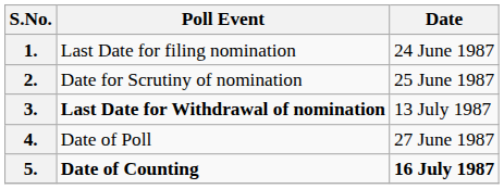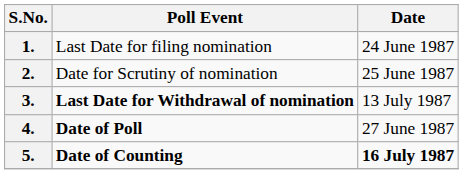 <table class="wikitable sortable">
 <tr>
 <th>S.No.</th>
 <th>Poll Event</th>
 <th>Date</th>
 </tr>
 <tr>
 <th>1.</th>
 <td>Last Date for filing nomination</td>
 <td>24 June 1987</td>
 </tr>
 <tr>
 <th>2.</th>
 <td>Date for Scrutiny of nomination</td>
 <td>25 June 1987</td>
 </tr>
 <tr>
 <th>3.</th>
 <td><strong>Last Date for Withdrawal of nomination</strong></td>
 <td>13 July 1987</td>
 </tr>
 <tr>
 <th>4.</th>
-<td>Date of Poll</td>
+<td><strong>Date of Poll</strong></td>
 <td>27 June 1987</td>
 </tr>
 <tr>
 <th>5.</th>
 <td><strong>Date of Counting</strong></td>
 <td colspan="2" style="text-align:center"><strong>16 July 1987</strong></td>
 </tr>
 <tr>
 </tr>
 </table>
